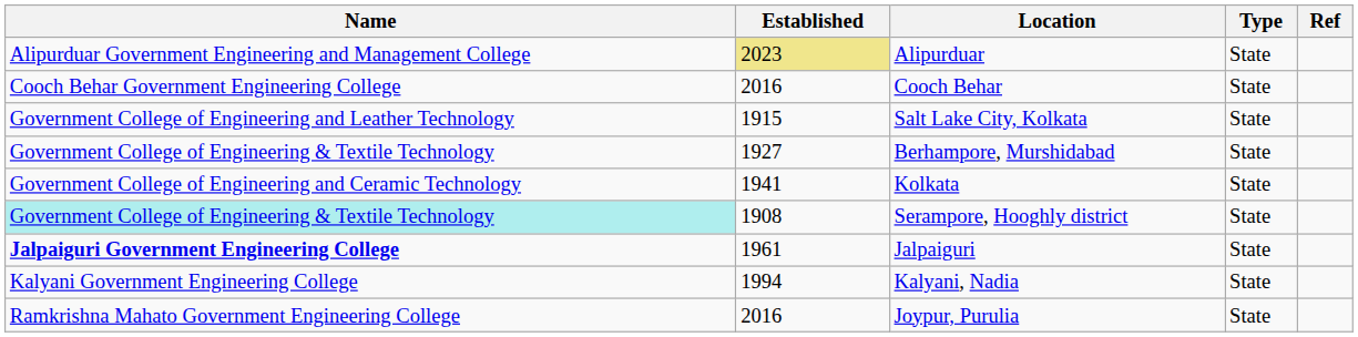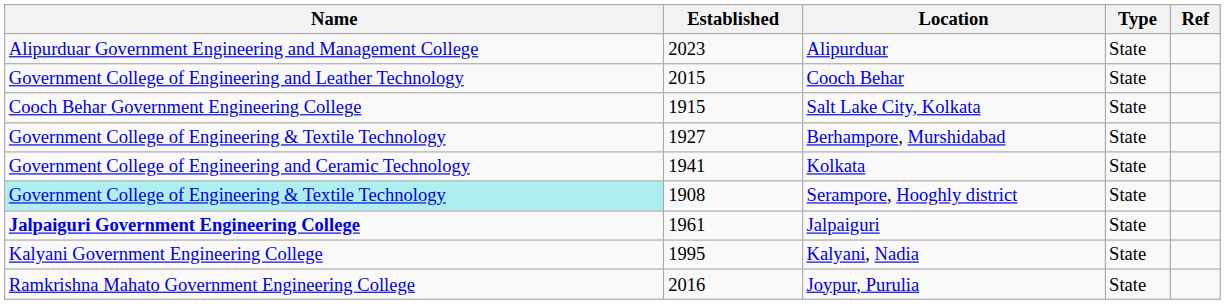 <table class="wikitable sortable static-row-numbers sticky-header collapsible" style="-align:left; width:83%;">
 <tr>
 <th>Name</th>
 <th>Established</th>
 <th>Location</th>
 <th>Type</th>
 <th>Ref</th>
 </tr>
 <tr>
 <td><a href='#'>Alipurduar Government Engineering and Management College</a></td>
-<td style="background: khaki;">2023</td>
+<td>2023</td>
 <td><a href='#'>Alipurduar</a></td>
 <td>State</td>
 <td></td>
 </tr>
 <tr>
-<td><a href='#'>Cooch Behar Government Engineering College</a></td>
-<td>2016</td>
+<td><a href='#'>Government College of Engineering and Leather Technology</a></td>
+<td>2015</td>
 <td><a href='#'>Cooch Behar</a></td>
 <td>State</td>
 <td></td>
 </tr>
 <tr>
-<td><a href='#'>Government College of Engineering and Leather Technology</a></td>
+<td><a href='#'>Cooch Behar Government Engineering College</a></td>
 <td>1915</td>
 <td><a href='#'>Salt Lake City, Kolkata</a></td>
 <td>State</td>
 <td></td>
 </tr>
 <tr>
 <td><a href='#'>Government College of Engineering & Textile Technology</a></td>
 <td>1927</td>
 <td><a href='#'>Berhampore</a>, <a href='#'>Murshidabad</a></td>
 <td>State</td>
 <td></td>
 </tr>
 <tr>
 <td><a href='#'>Government College of Engineering and Ceramic Technology</a></td>
 <td>1941</td>
 <td><a href='#'>Kolkata</a></td>
 <td>State</td>
 <td></td>
 </tr>
 <tr>
 <td style="background: paleturquoise;"><a href='#'>Government College of Engineering & Textile Technology</a></td>
 <td>1908</td>
 <td><a href='#'>Serampore</a>, <a href='#'>Hooghly district</a></td>
 <td>State</td>
 <td></td>
 </tr>
 <tr>
 <td><strong><a href='#'>Jalpaiguri Government Engineering College</a></strong></td>
 <td>1961</td>
 <td><a href='#'>Jalpaiguri</a></td>
 <td>State</td>
 <td></td>
 </tr>
 <tr>
 <td><a href='#'>Kalyani Government Engineering College</a></td>
-<td>1994</td>
+<td>1995</td>
 <td><a href='#'>Kalyani</a>, <a href='#'>Nadia</a></td>
 <td>State</td>
 <td></td>
 </tr>
 <tr>
 <td><a href='#'>Ramkrishna Mahato Government Engineering College</a></td>
 <td>2016</td>
 <td><a href='#'>Joypur, Purulia</a></td>
 <td>State</td>
 <td></td>
 </tr>
 </table>
